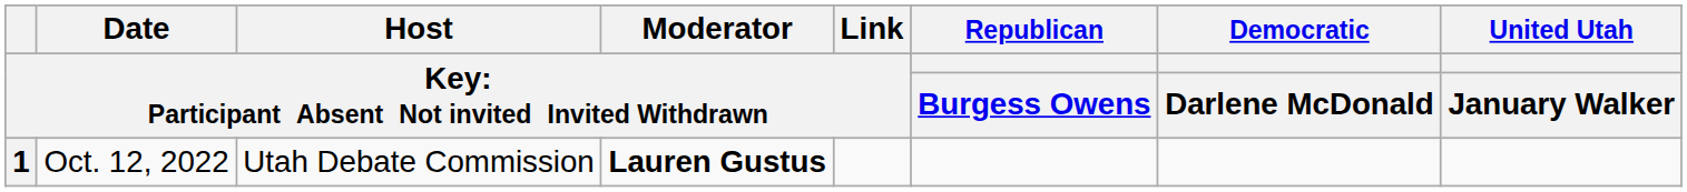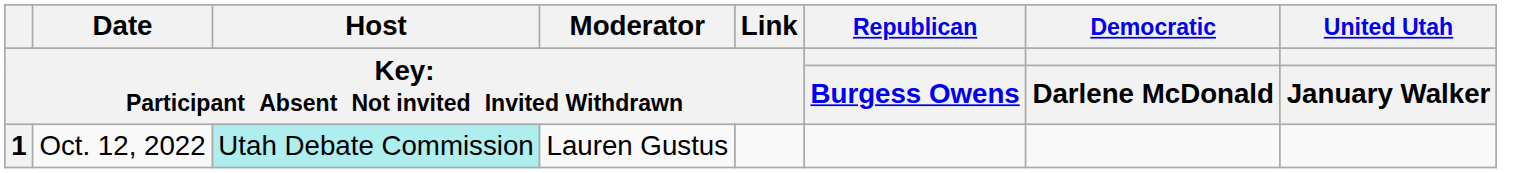 <table class="wikitable" style="text-align:center;">
 <tr>
 <th scope="col"></th>
 <th scope="col">Date</th>
 <th scope="col">Host</th>
 <th scope="col">Moderator</th>
 <th scope="col">Link</th>
 <th scope="col"><small><a href='#'>Republican</a></small></th>
 <th scope="col"><small><a href='#'>Democratic</a></small></th>
 <th scope="col"><small><a href='#'>United Utah</a></small></th>
 </tr>
 <tr>
 <th colspan="5" rowspan="2">Key:<br> <small>Participant </small>  <small>Absent </small>  <small>Not invited </small>  <small>Invited  Withdrawn</small></th>
 <th scope="col" style="background:"></th>
 <th scope="col" style="background:"></th>
 <th scope="col" style="background:"></th>
 </tr>
 <tr>
 <th scope="col"><a href='#'>Burgess Owens</a></th>
 <th scope="col">Darlene McDonald</th>
 <th scope="col">January Walker</th>
 </tr>
 <tr>
 <th>1</th>
 <td style="white-space:nowrap;">Oct. 12, 2022</td>
-<td style="white-space:nowrap;">Utah Debate Commission</td>
-<td style="white-space:nowrap;"><strong>Lauren Gustus</strong></td>
+<td style="background: paleturquoise; white-space:nowrap;">Utah Debate Commission</td>
+<td style="white-space:nowrap;">Lauren Gustus</td>
 <td style="white-space:nowrap;"></td>
 <td></td>
 <td></td>
 <td></td>
 </tr>
 </table>
